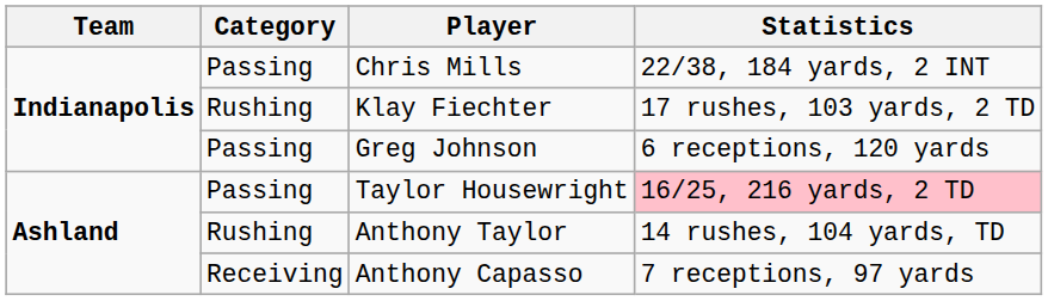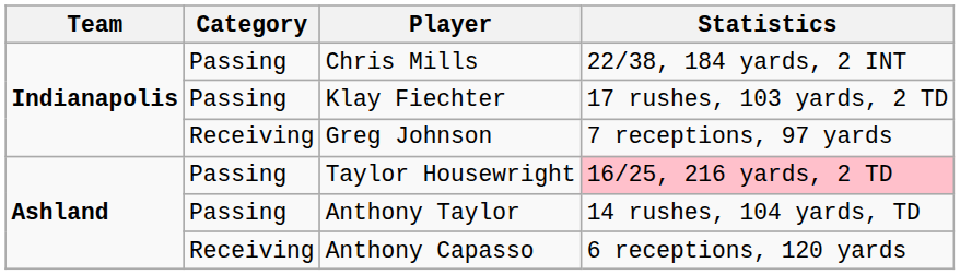 <table class="wikitable" style="float: right;">
 <tr>
 <th>Team</th>
 <th>Category</th>
 <th>Player</th>
 <th>Statistics</th>
 </tr>
 <tr>
 <td rowspan=3><strong>Indianapolis</strong></td>
 <td>Passing</td>
 <td>Chris Mills</td>
 <td>22/38, 184 yards, 2 INT</td>
 </tr>
 <tr>
-<td>Rushing</td>
+<td>Passing</td>
 <td>Klay Fiechter</td>
 <td>17 rushes, 103 yards, 2 TD</td>
 </tr>
 <tr>
-<td>Passing</td>
+<td>Receiving</td>
 <td>Greg Johnson</td>
-<td>6 receptions, 120 yards</td>
+<td>7 receptions, 97 yards</td>
 </tr>
 <tr>
 <td rowspan=3><strong>Ashland</strong></td>
 <td>Passing</td>
 <td>Taylor Housewright</td>
 <td style="background: pink;">16/25, 216 yards, 2 TD</td>
 </tr>
 <tr>
-<td>Rushing</td>
+<td>Passing</td>
 <td>Anthony Taylor</td>
 <td>14 rushes, 104 yards, TD</td>
 </tr>
 <tr>
 <td>Receiving</td>
 <td>Anthony Capasso</td>
-<td>7 receptions, 97 yards</td>
+<td>6 receptions, 120 yards</td>
 </tr>
 </table>
